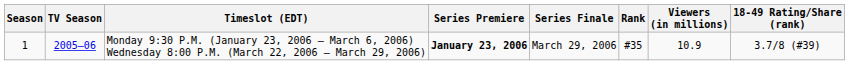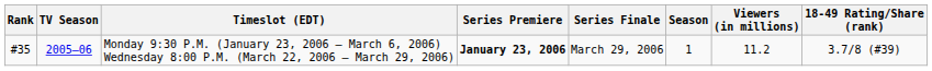 <table class="wikitable">
 <tr>
-<th>Season</th>
+<th>Rank</th>
 <th>TV Season</th>
 <th>Timeslot (EDT)</th>
 <th>Series Premiere</th>
 <th>Series Finale</th>
-<th>Rank</th>
+<th>Season</th>
 <th>Viewers<br>(in millions)</th>
 <th>18-49 Rating/Share<br> (rank)</th>
 </tr>
 <tr style="background-color:#F9F9F9">
-<td style="background:#F9F9F9;text-align:center">1</td>
+<td style="text-align:center">#35</td>
 <td style="text-align:center"><a href='#'>2005–06</a></td>
 <td style="background:#F9F9F9;font-weight:normal;text-align:left;">Monday 9:30 P.M. (January 23, 2006 – March 6, 2006)<br>Wednesday 8:00 P.M. (March 22, 2006 – March 29, 2006)</td>
 <td><strong>January 23, 2006</strong></td>
 <td>March 29, 2006</td>
-<td style="text-align:center">#35</td>
-<td style="text-align:center">10.9</td>
+<td style="background:#F9F9F9;text-align:center">1</td>
+<td style="text-align:center">11.2</td>
 <td style="text-align:center">3.7/8 (#39)</td>
 </tr>
 </table>
